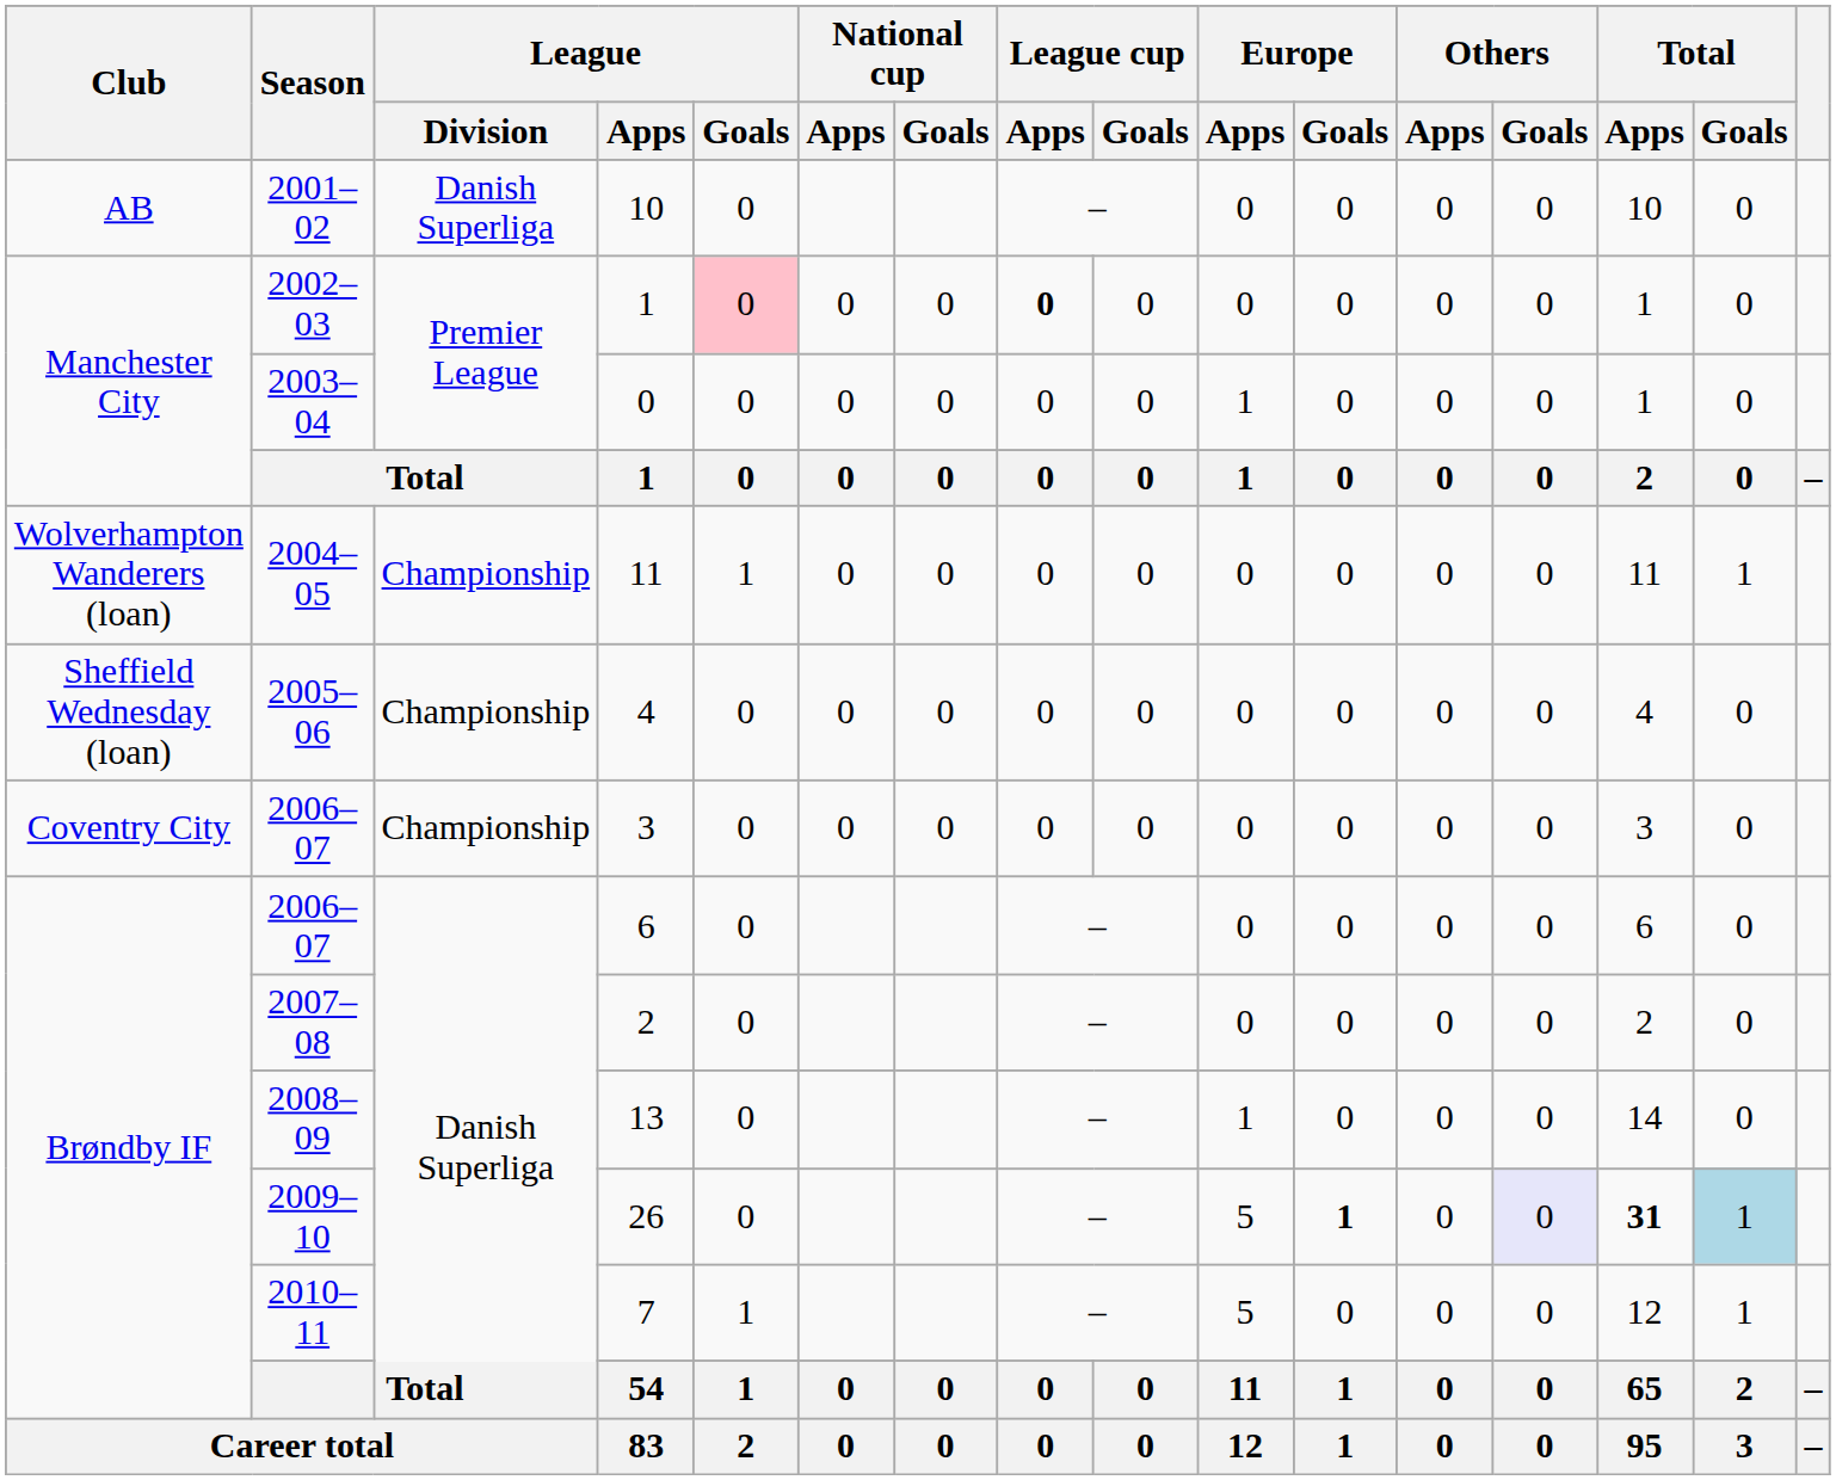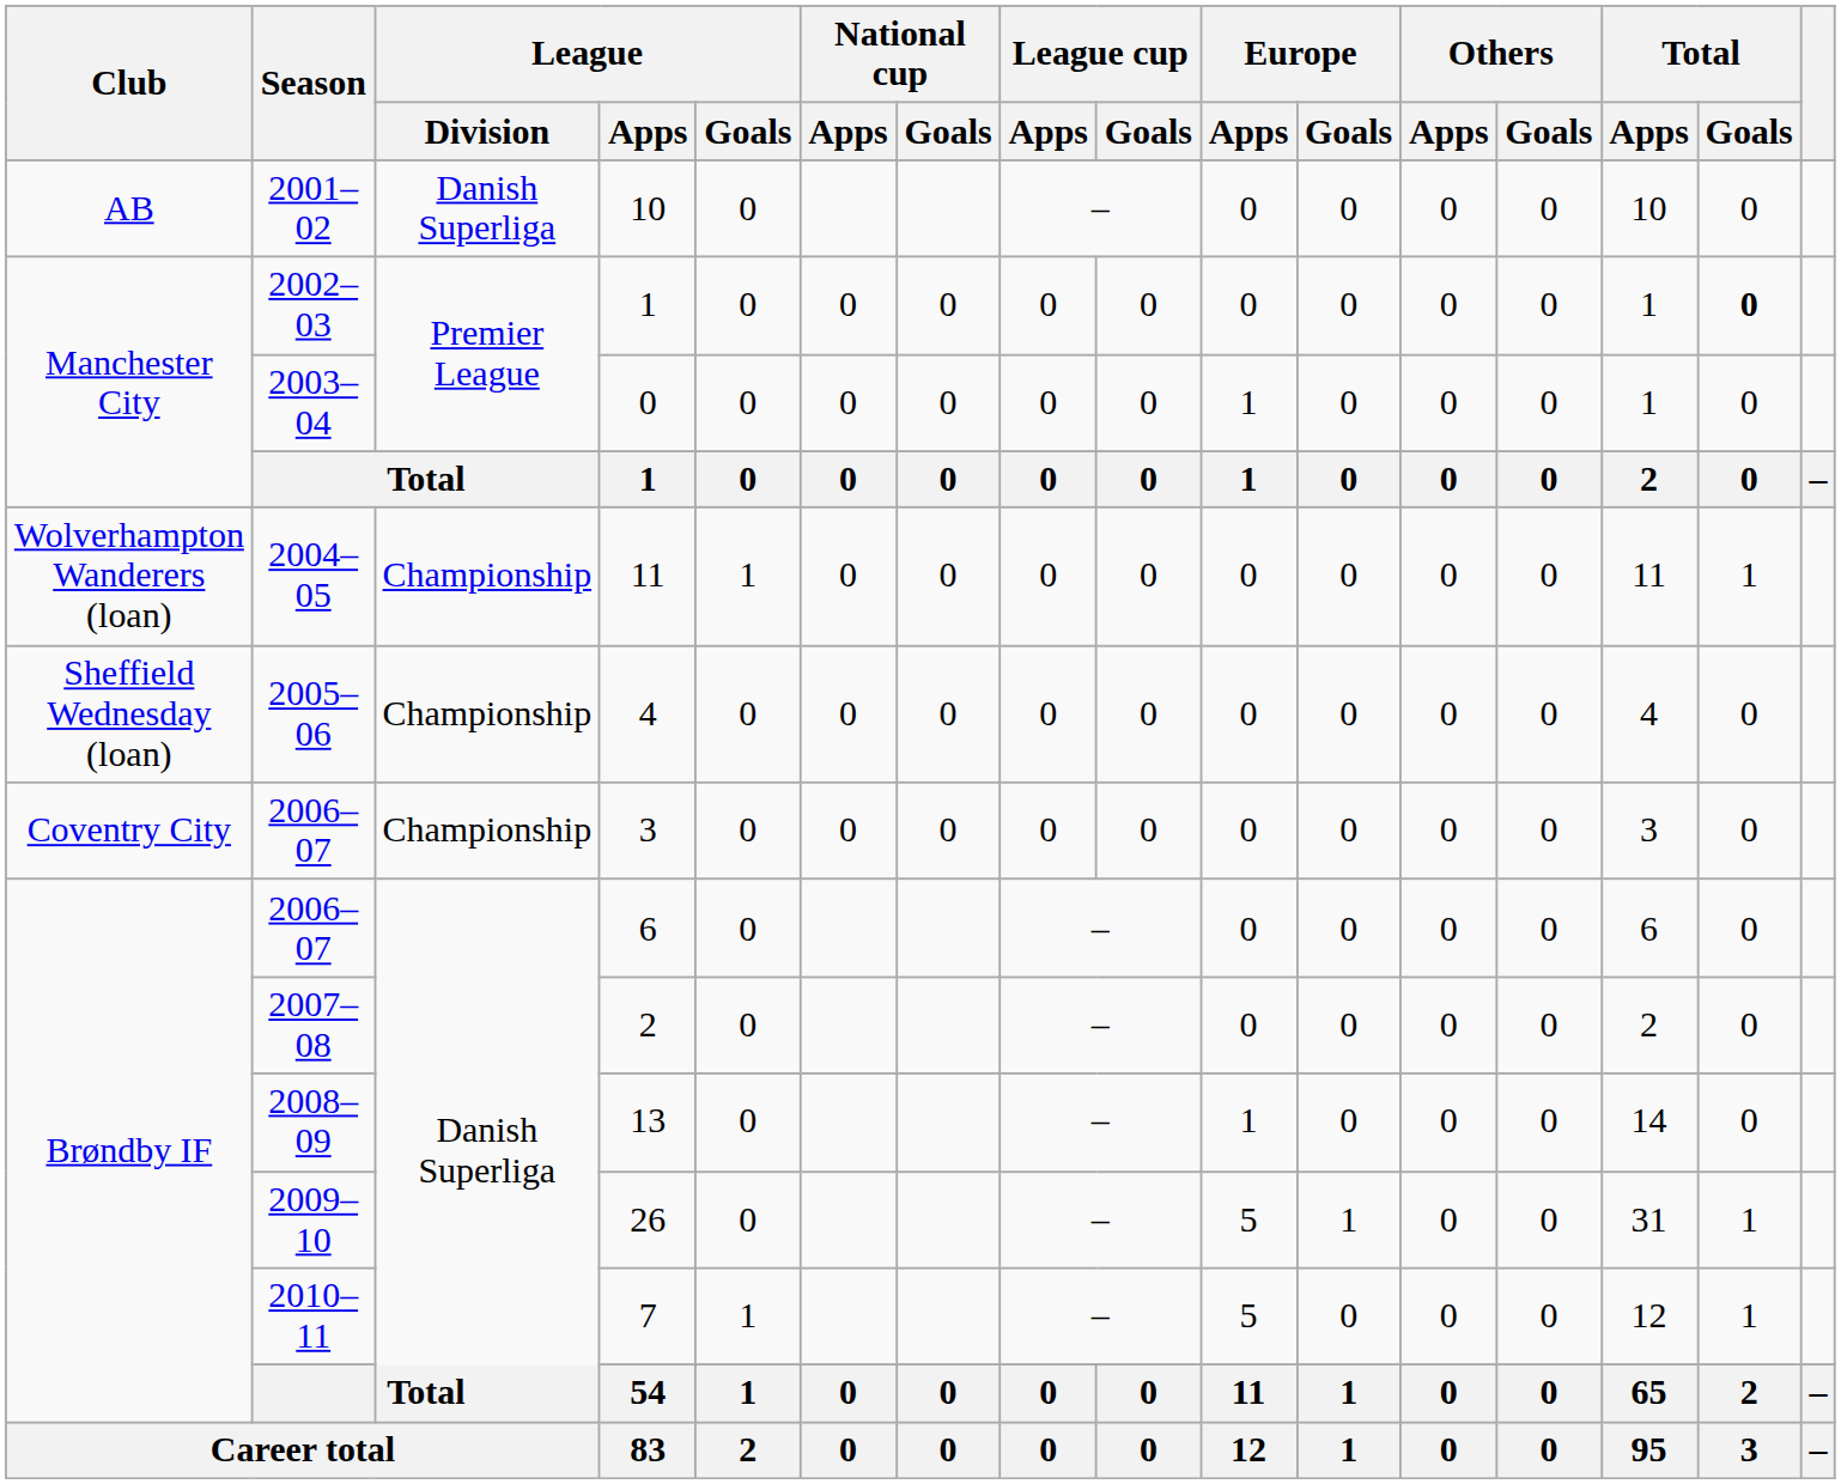 <table class="wikitable" style="text-align: center">
 <tr>
 <th rowspan="2">Club</th>
 <th rowspan="2">Season</th>
 <th colspan="3">League</th>
 <th colspan="2">National cup</th>
 <th colspan="2">League cup</th>
 <th colspan="2">Europe</th>
 <th colspan="2">Others</th>
 <th colspan="2">Total</th>
 <th rowspan="2"></th>
 </tr>
 <tr>
 <th>Division</th>
 <th>Apps</th>
 <th>Goals</th>
 <th>Apps</th>
 <th>Goals</th>
 <th>Apps</th>
 <th>Goals</th>
 <th>Apps</th>
 <th>Goals</th>
 <th>Apps</th>
 <th>Goals</th>
 <th>Apps</th>
 <th>Goals</th>
 </tr>
 <tr>
 <td><a href='#'>AB</a></td>
 <td><a href='#'>2001–02</a></td>
 <td><a href='#'>Danish Superliga</a></td>
 <td>10</td>
 <td>0</td>
 <td></td>
 <td></td>
 <td colspan="2">–</td>
 <td>0</td>
 <td>0</td>
 <td>0</td>
 <td>0</td>
 <td>10</td>
 <td>0</td>
 <td></td>
 </tr>
 <tr>
 <td rowspan="3"><a href='#'>Manchester City</a></td>
 <td><a href='#'>2002–03</a></td>
 <td rowspan="2"><a href='#'>Premier League</a></td>
 <td>1</td>
-<td style="background: pink;">0</td>
 <td>0</td>
 <td>0</td>
-<td><strong>0</strong></td>
+<td>0</td>
+<td>0</td>
 <td>0</td>
 <td>0</td>
 <td>0</td>
 <td>0</td>
 <td>0</td>
 <td>1</td>
-<td>0</td>
+<td><strong>0</strong></td>
 <td></td>
 </tr>
 <tr>
 <td><a href='#'>2003–04</a></td>
 <td>0</td>
 <td>0</td>
 <td>0</td>
 <td>0</td>
 <td>0</td>
 <td>0</td>
 <td>1</td>
 <td>0</td>
 <td>0</td>
 <td>0</td>
 <td>1</td>
 <td>0</td>
 <td></td>
 </tr>
 <tr>
 <th colspan="2">Total</th>
 <th>1</th>
 <th>0</th>
 <th>0</th>
 <th>0</th>
 <th>0</th>
 <th>0</th>
 <th>1</th>
 <th>0</th>
 <th>0</th>
 <th>0</th>
 <th>2</th>
 <th>0</th>
 <th>–</th>
 </tr>
 <tr>
 <td><a href='#'>Wolverhampton Wanderers</a> (loan)</td>
 <td><a href='#'>2004–05</a></td>
 <td><a href='#'>Championship</a></td>
 <td>11</td>
 <td>1</td>
 <td>0</td>
 <td>0</td>
 <td>0</td>
 <td>0</td>
 <td>0</td>
 <td>0</td>
 <td>0</td>
 <td>0</td>
 <td>11</td>
 <td>1</td>
 <td></td>
 </tr>
 <tr>
 <td><a href='#'>Sheffield Wednesday</a> (loan)</td>
 <td><a href='#'>2005–06</a></td>
 <td>Championship</td>
 <td>4</td>
 <td>0</td>
 <td>0</td>
 <td>0</td>
 <td>0</td>
 <td>0</td>
 <td>0</td>
 <td>0</td>
 <td>0</td>
 <td>0</td>
 <td>4</td>
 <td>0</td>
 <td></td>
 </tr>
 <tr>
 <td><a href='#'>Coventry City</a></td>
 <td><a href='#'>2006–07</a></td>
 <td>Championship</td>
 <td>3</td>
 <td>0</td>
 <td>0</td>
 <td>0</td>
 <td>0</td>
 <td>0</td>
 <td>0</td>
 <td>0</td>
 <td>0</td>
 <td>0</td>
 <td>3</td>
 <td>0</td>
 <td></td>
 </tr>
 <tr>
 <td rowspan="6"><a href='#'>Brøndby IF</a></td>
 <td><a href='#'>2006–07</a></td>
 <td rowspan="6">Danish Superliga</td>
 <td>6</td>
 <td>0</td>
 <td></td>
 <td></td>
 <td colspan="2">–</td>
 <td>0</td>
 <td>0</td>
 <td>0</td>
 <td>0</td>
 <td>6</td>
 <td>0</td>
 <td></td>
 </tr>
 <tr>
 <td><a href='#'>2007–08</a></td>
 <td>2</td>
 <td>0</td>
 <td></td>
 <td></td>
 <td colspan="2">–</td>
 <td>0</td>
 <td>0</td>
 <td>0</td>
 <td>0</td>
 <td>2</td>
 <td>0</td>
 <td></td>
 </tr>
 <tr>
 <td><a href='#'>2008–09</a></td>
 <td>13</td>
 <td>0</td>
 <td></td>
 <td></td>
 <td colspan="2">–</td>
 <td>1</td>
 <td>0</td>
 <td>0</td>
 <td>0</td>
 <td>14</td>
 <td>0</td>
 <td></td>
 </tr>
 <tr>
 <td><a href='#'>2009–10</a></td>
 <td>26</td>
 <td>0</td>
 <td></td>
 <td></td>
 <td colspan="2">–</td>
 <td>5</td>
-<td><strong>1</strong></td>
+<td>1</td>
 <td>0</td>
-<td style="background: lavender;">0</td>
-<td><strong>31</strong></td>
-<td style="background: lightblue;">1</td>
+<td>0</td>
+<td>31</td>
+<td>1</td>
 <td></td>
 </tr>
 <tr>
 <td><a href='#'>2010–11</a></td>
 <td>7</td>
 <td>1</td>
 <td></td>
 <td></td>
 <td colspan="2">–</td>
 <td>5</td>
 <td>0</td>
 <td>0</td>
 <td>0</td>
 <td>12</td>
 <td>1</td>
 <td></td>
 </tr>
 <tr>
 <th colspan="2">Total</th>
 <th>54</th>
 <th>1</th>
 <th>0</th>
 <th>0</th>
 <th>0</th>
 <th>0</th>
 <th>11</th>
 <th>1</th>
 <th>0</th>
 <th>0</th>
 <th>65</th>
 <th>2</th>
 <th>–</th>
 </tr>
 <tr>
 <th colspan="3">Career total</th>
 <th>83</th>
 <th>2</th>
 <th>0</th>
 <th>0</th>
 <th>0</th>
 <th>0</th>
 <th>12</th>
 <th>1</th>
 <th>0</th>
 <th>0</th>
 <th>95</th>
 <th>3</th>
 <th>–</th>
 </tr>
 </table>
